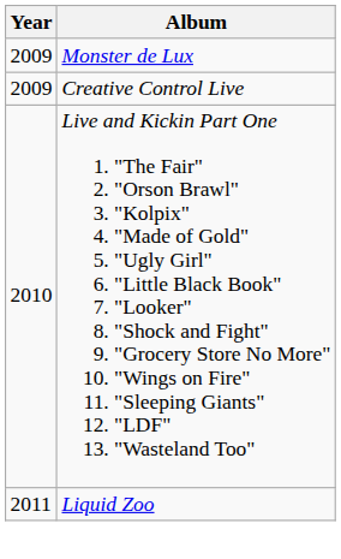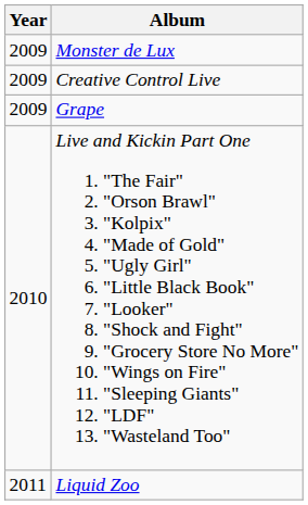 <table class="wikitable">
 <tr>
 <th>Year</th>
 <th>Album</th>
 </tr>
 <tr>
 <td>2009</td>
 <td><em><a href='#'>Monster de Lux</a></em></td>
 </tr>
 <tr>
 <td>2009</td>
 <td><em>Creative Control Live</em></td>
 </tr>
 <tr>
+<td>2009</td>
+<td><em><a href='#'>Grape</a></em></td>
+</tr>
+<tr>
 <td>2010</td>
 <td><em>Live and Kickin Part One</em><br><ol><li>"The Fair"</li><li>"Orson Brawl"</li><li>"Kolpix"</li><li>"Made of Gold"</li><li>"Ugly Girl"</li><li>"Little Black Book"</li><li>"Looker"</li><li>"Shock and Fight"</li><li>"Grocery Store No More"</li><li>"Wings on Fire"</li><li>"Sleeping Giants"</li><li>"LDF"</li><li>"Wasteland Too"</li></ol></td>
 </tr>
 <tr>
 <td>2011</td>
 <td><em><a href='#'>Liquid Zoo</a></em></td>
 </tr>
 </table>
